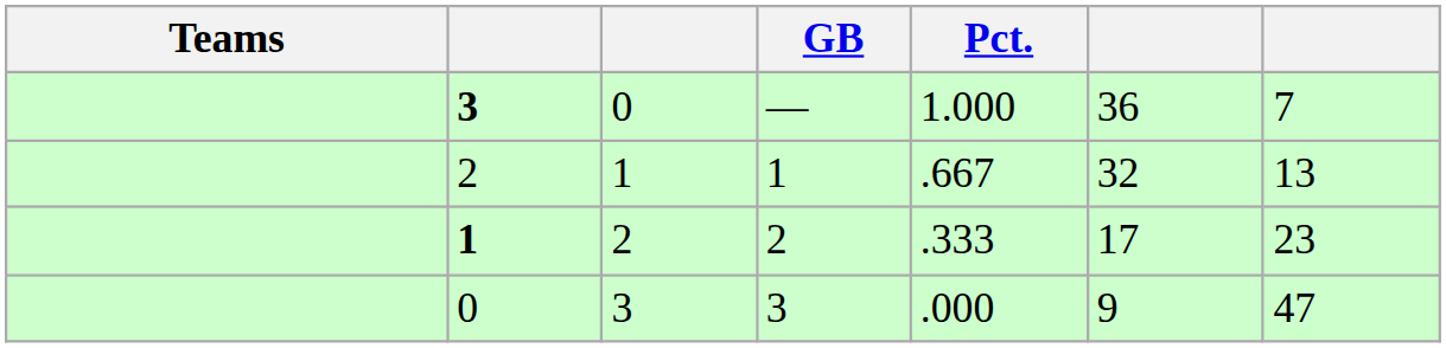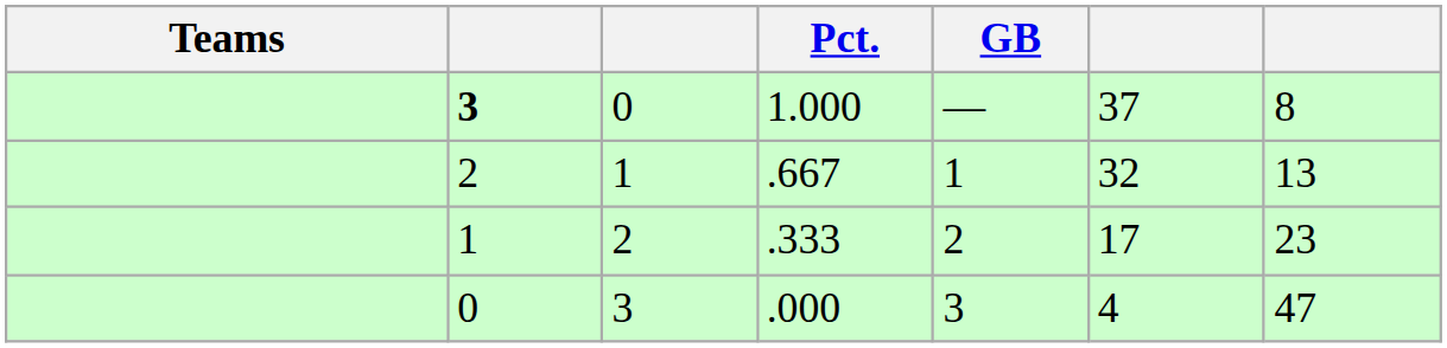 <table class="wikitable" width= style="text-align:center;">
 <tr>
 <th width="20%">Teams</th>
 <th width="7%"></th>
 <th width="7%"></th>
+<th width="8%"><a href='#'>Pct.</a></th>
 <th width="7%"><a href='#'>GB</a></th>
-<th width="8%"><a href='#'>Pct.</a></th>
 <th width="8%"></th>
 <th width="8%"></th>
 </tr>
 <tr bgcolor="ccffcc">
 <td align=left></td>
 <td><strong>3</strong></td>
 <td>0</td>
+<td>1.000</td>
 <td>—</td>
-<td>1.000</td>
-<td>36</td>
-<td>7</td>
+<td>37</td>
+<td>8</td>
 </tr>
 <tr bgcolor="ccffcc">
 <td align=left></td>
 <td>2</td>
 <td>1</td>
+<td>.667</td>
 <td>1</td>
-<td>.667</td>
 <td>32</td>
 <td>13</td>
 </tr>
 <tr bgcolor="ccffcc">
 <td align=left></td>
-<td><strong>1</strong></td>
-<td>2</td>
+<td>1</td>
 <td>2</td>
 <td>.333</td>
+<td>2</td>
 <td>17</td>
 <td>23</td>
 </tr>
 <tr bgcolor="ccffcc">
 <td align=left></td>
 <td>0</td>
 <td>3</td>
+<td>.000</td>
 <td>3</td>
-<td>.000</td>
-<td>9</td>
+<td>4</td>
 <td>47</td>
 </tr>
 </table>
